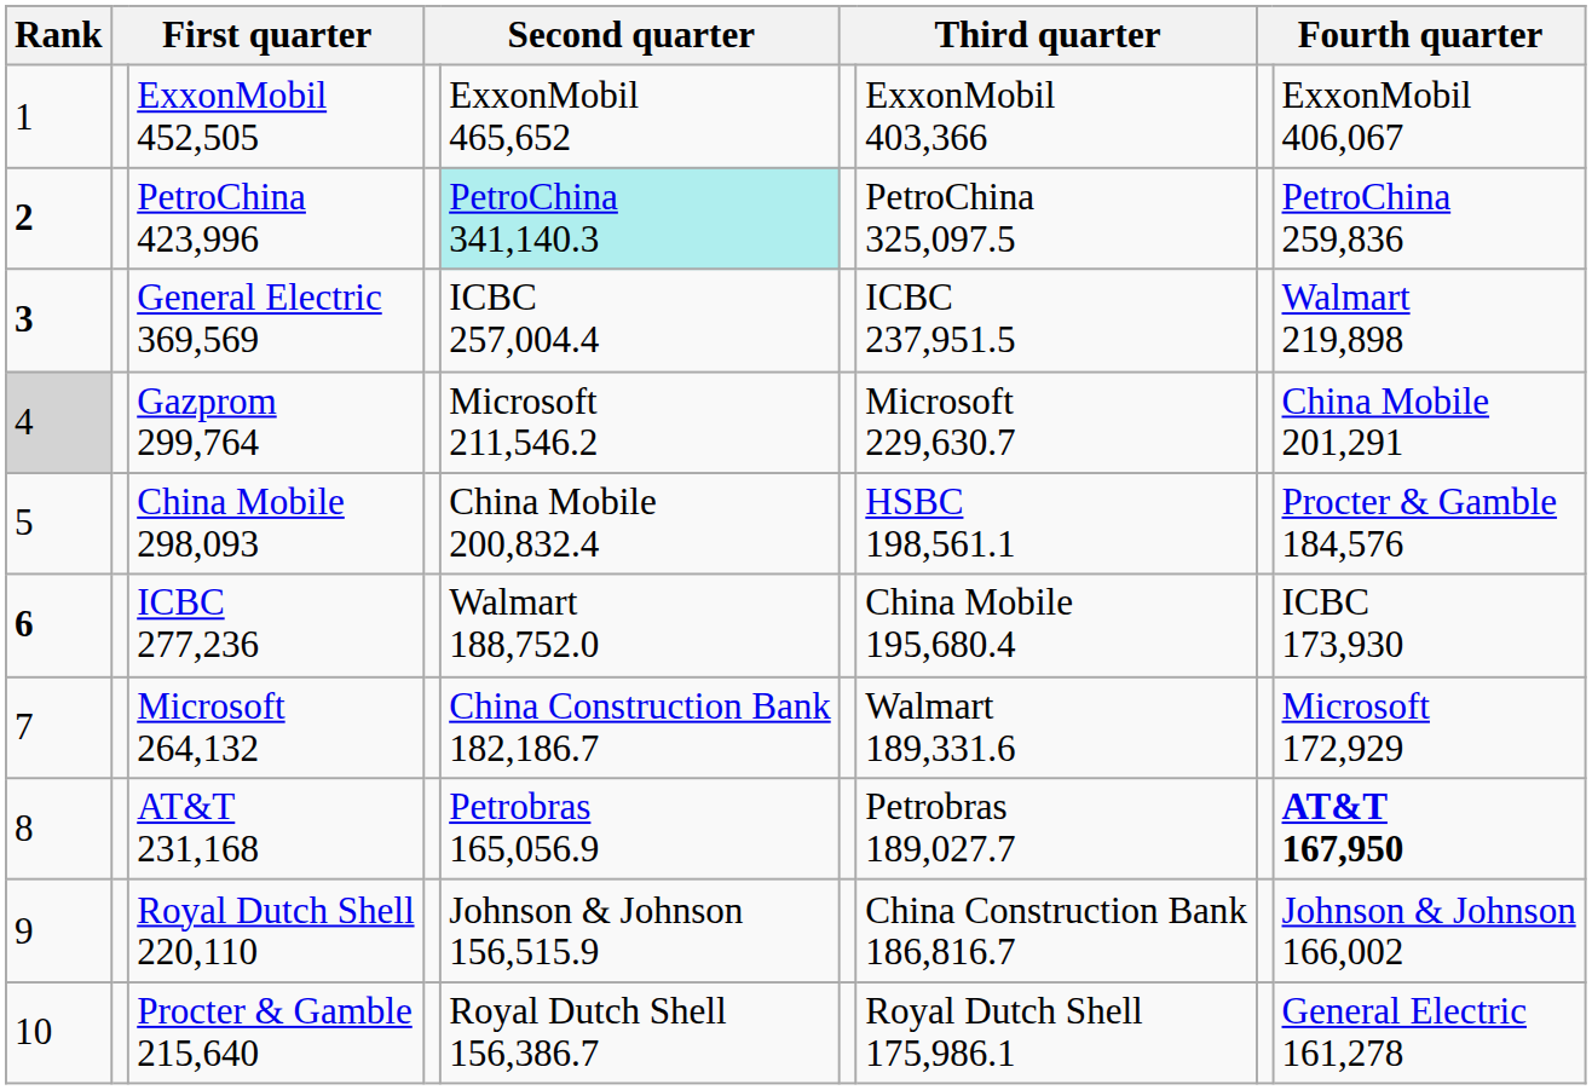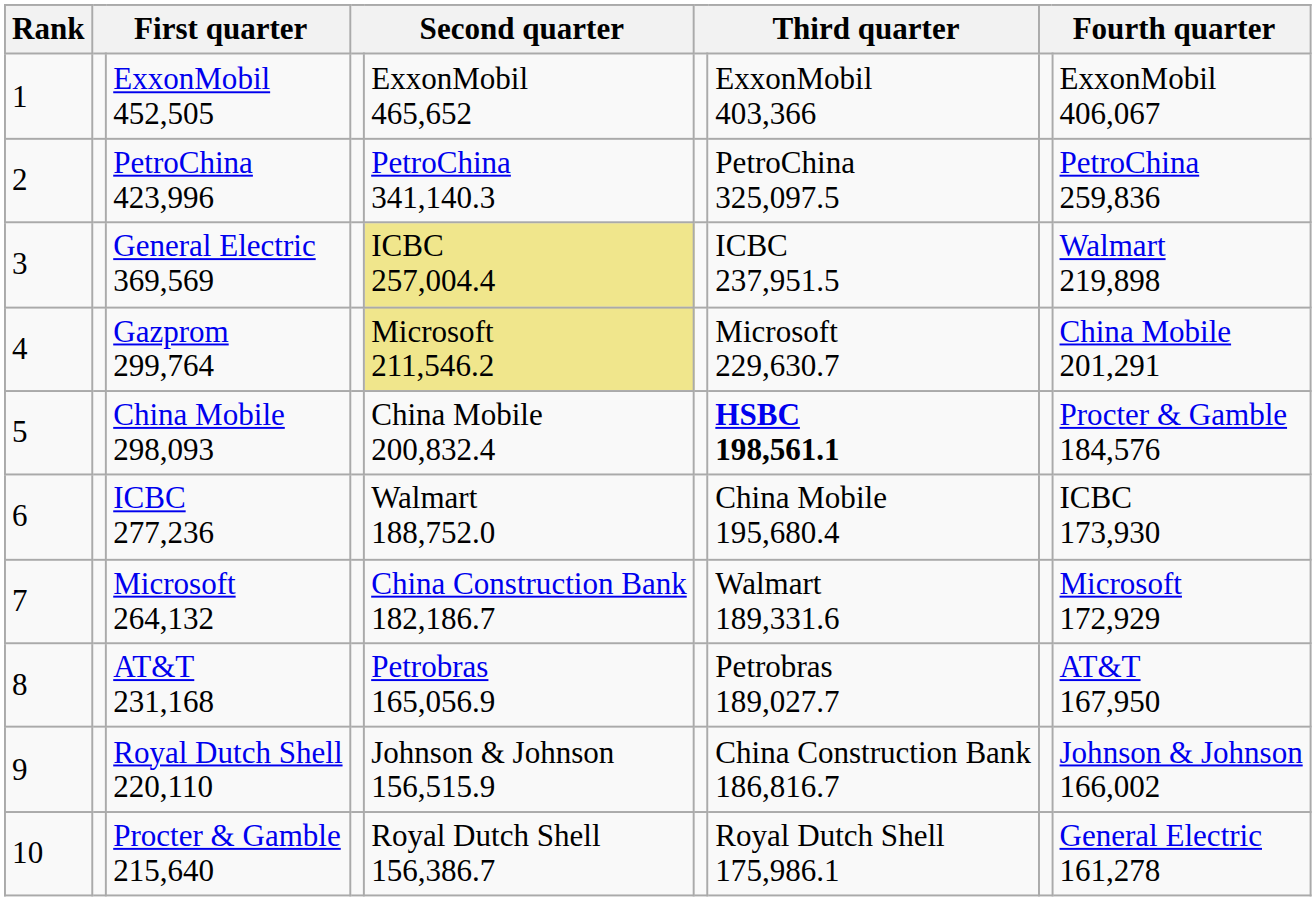 <table class="wikitable">
 <tr>
 <th>Rank</th>
 <th colspan=2>First quarter</th>
 <th colspan=2>Second quarter</th>
 <th colspan=2>Third quarter</th>
 <th colspan=2>Fourth quarter</th>
 </tr>
 <tr>
 <td>1</td>
 <td></td>
 <td><a href='#'>ExxonMobil</a> <br> 452,505</td>
 <td></td>
 <td>ExxonMobil <br>465,652</td>
 <td></td>
 <td>ExxonMobil <br> 403,366</td>
 <td></td>
 <td>ExxonMobil <br>406,067</td>
 </tr>
 <tr>
-<td><strong>2</strong></td>
+<td>2</td>
 <td></td>
 <td><a href='#'>PetroChina</a> <br> 423,996</td>
 <td></td>
-<td style="background: paleturquoise;"><a href='#'>PetroChina</a> <br>341,140.3</td>
+<td><a href='#'>PetroChina</a> <br>341,140.3</td>
 <td></td>
 <td>PetroChina <br> 325,097.5</td>
 <td></td>
 <td><a href='#'>PetroChina</a> <br>259,836</td>
 </tr>
 <tr>
-<td><strong>3</strong></td>
+<td>3</td>
 <td></td>
 <td><a href='#'>General Electric</a> <br> 369,569</td>
 <td></td>
-<td>ICBC <br>257,004.4</td>
+<td style="background: khaki;">ICBC <br>257,004.4</td>
 <td></td>
 <td>ICBC <br>237,951.5</td>
 <td></td>
 <td><a href='#'>Walmart</a> <br> 219,898</td>
 </tr>
 <tr>
-<td style="background: lightgrey;">4</td>
+<td>4</td>
 <td></td>
 <td><a href='#'>Gazprom</a> <br> 299,764</td>
 <td></td>
-<td>Microsoft <br>211,546.2</td>
+<td style="background: khaki;">Microsoft <br>211,546.2</td>
 <td></td>
 <td>Microsoft <br> 229,630.7</td>
 <td></td>
 <td><a href='#'>China Mobile</a> <br>201,291</td>
 </tr>
 <tr>
 <td>5</td>
 <td></td>
 <td><a href='#'>China Mobile</a> <br> 298,093</td>
 <td></td>
 <td>China Mobile <br>200,832.4</td>
 <td></td>
-<td><a href='#'>HSBC</a> <br> 198,561.1</td>
+<td><strong><a href='#'>HSBC</a> <br> 198,561.1</strong></td>
 <td></td>
 <td><a href='#'>Procter & Gamble</a> <br>184,576</td>
 </tr>
 <tr>
-<td><strong>6</strong></td>
+<td>6</td>
 <td></td>
 <td><a href='#'>ICBC</a> <br> 277,236</td>
 <td></td>
 <td>Walmart <br> 188,752.0</td>
 <td></td>
 <td>China Mobile <br> 195,680.4</td>
 <td></td>
 <td>ICBC <br> 173,930</td>
 </tr>
 <tr>
 <td>7</td>
 <td></td>
 <td><a href='#'>Microsoft</a> <br> 264,132</td>
 <td></td>
 <td><a href='#'>China Construction Bank</a> <br> 182,186.7</td>
 <td></td>
 <td>Walmart <br> 189,331.6</td>
 <td></td>
 <td><a href='#'>Microsoft</a> <br> 172,929</td>
 </tr>
 <tr>
 <td>8</td>
 <td></td>
 <td><a href='#'>AT&T</a> <br> 231,168</td>
 <td></td>
 <td><a href='#'>Petrobras</a> <br> 165,056.9</td>
 <td></td>
 <td>Petrobras <br> 189,027.7</td>
 <td></td>
-<td><strong><a href='#'>AT&T</a> <br> 167,950</strong></td>
+<td><a href='#'>AT&T</a> <br> 167,950</td>
 </tr>
 <tr>
 <td>9</td>
 <td> <br></td>
 <td><a href='#'>Royal Dutch Shell</a> <br> 220,110</td>
 <td></td>
 <td>Johnson & Johnson<br>156,515.9</td>
 <td></td>
 <td>China Construction Bank <br> 186,816.7</td>
 <td></td>
 <td><a href='#'>Johnson & Johnson</a> <br> 166,002</td>
 </tr>
 <tr>
 <td>10</td>
 <td></td>
 <td><a href='#'>Procter & Gamble</a> <br> 215,640</td>
 <td> <br></td>
 <td>Royal Dutch Shell<br>156,386.7</td>
 <td> <br></td>
 <td>Royal Dutch Shell<br>175,986.1</td>
 <td></td>
 <td><a href='#'>General Electric</a> <br> 161,278</td>
 </tr>
 </table>
